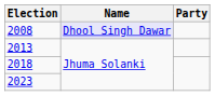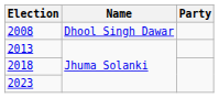 <table class="wikitable sortable">
 <tr>
 <th>Election</th>
 <th>Name</th>
 <th colspan=2>Party</th>
 </tr>
 <tr>
 <td><a href='#'>2008</a></td>
-<td style="background: lavender;"><a href='#'>Dhool Singh Dawar</a></td>
+<td><a href='#'>Dhool Singh Dawar</a></td>
 <td></td>
 </tr>
 <tr>
 <td><a href='#'>2013</a></td>
 <td rowspan=3><a href='#'>Jhuma Solanki</a></td>
 <td></td>
 </tr>
 <tr>
 <td><a href='#'>2018</a></td>
 </tr>
 <tr>
 <td><a href='#'>2023</a></td>
 </tr>
 </table>
